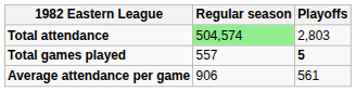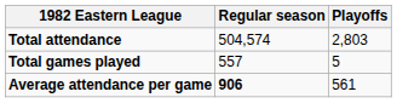 <table class="wikitable" border="1">
 <tr>
 <th>1982 Eastern League</th>
 <th>Regular season</th>
 <th>Playoffs</th>
 </tr>
 <tr>
 <td><strong>Total attendance</strong></td>
-<td style="background: lightgreen;">504,574</td>
+<td>504,574</td>
 <td>2,803</td>
 </tr>
 <tr>
 <td><strong>Total games played</strong></td>
 <td>557</td>
-<td><strong>5</strong></td>
+<td>5</td>
 </tr>
 <tr>
 <td><strong>Average attendance per game</strong></td>
-<td>906</td>
+<td><strong>906</strong></td>
 <td>561</td>
 </tr>
 </table>
